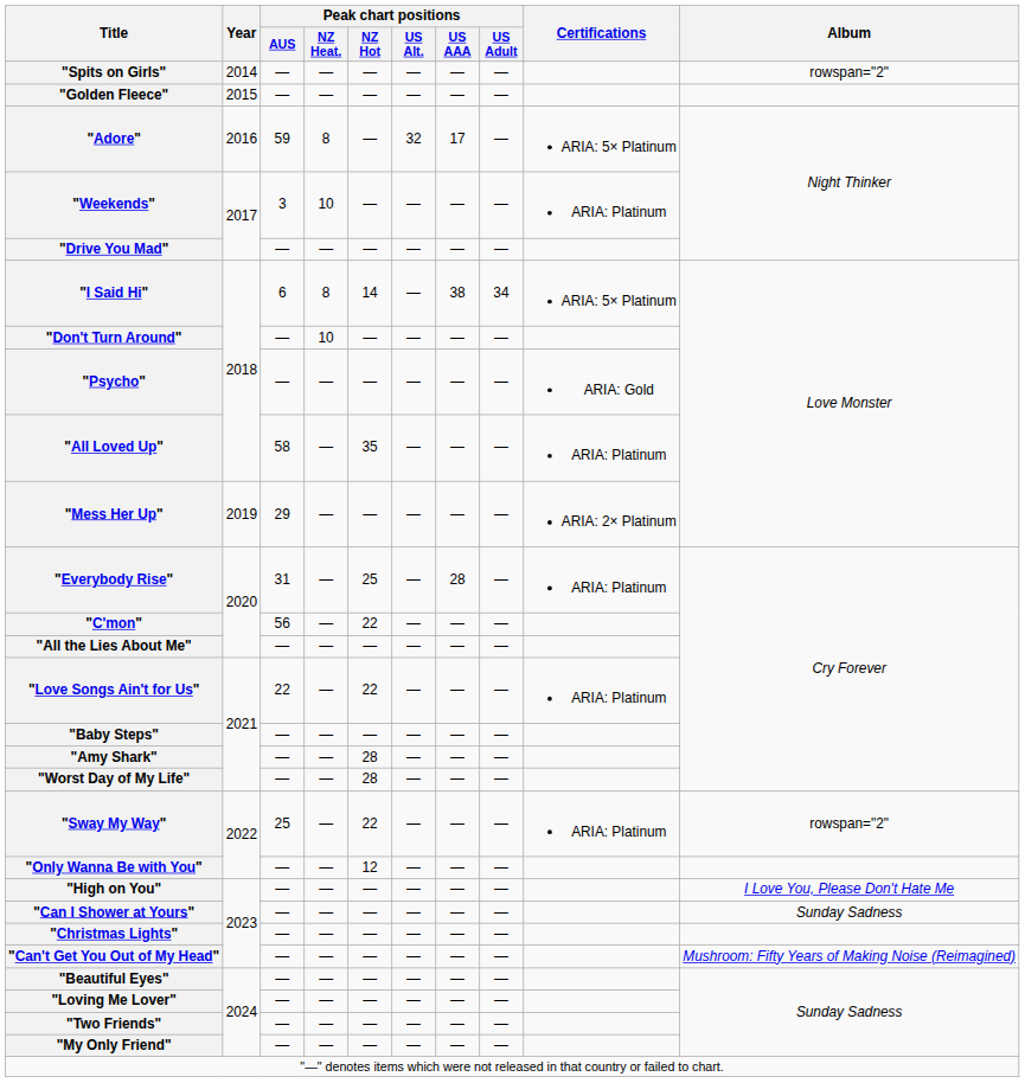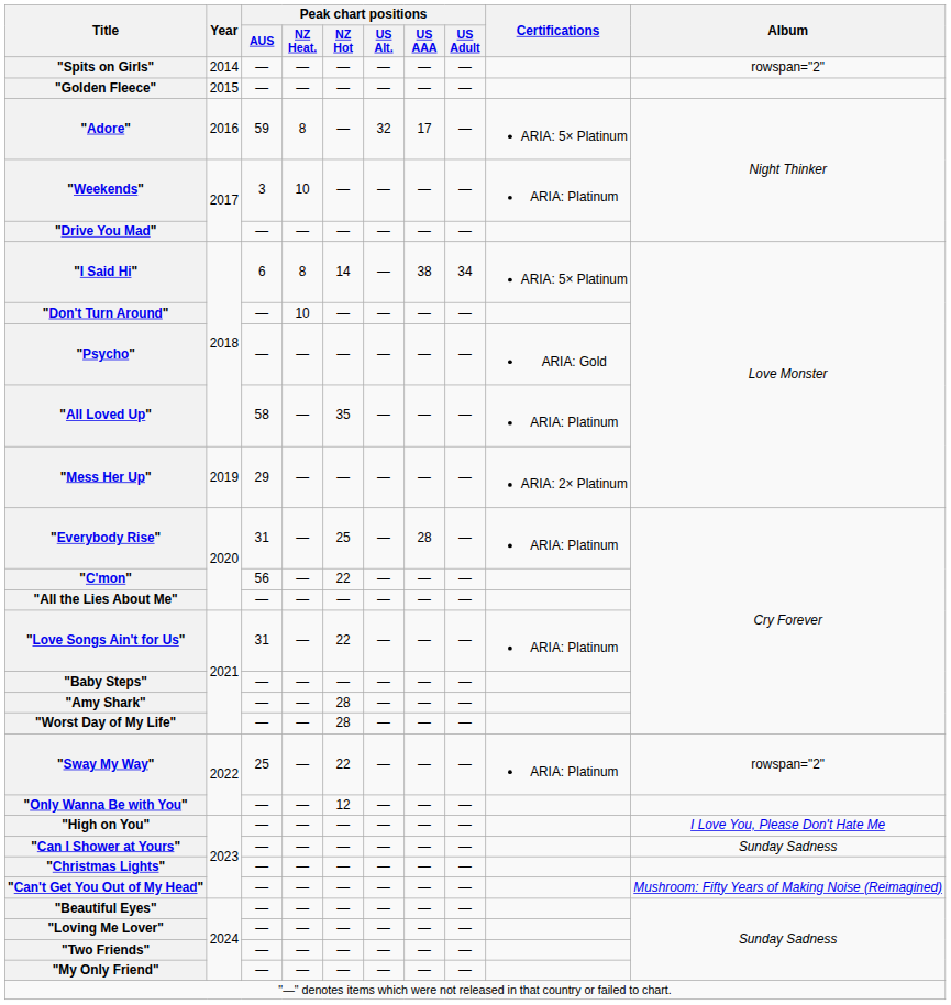 <table class="wikitable plainrowheaders" style="text-align:center;">
 <tr>
 <th scope="col" rowspan="2">Title</th>
 <th scope="col" rowspan="2">Year</th>
 <th scope="col" colspan="6">Peak chart positions</th>
 <th scope="col" rowspan="2"><a href='#'>Certifications</a></th>
 <th scope="col" rowspan="2">Album</th>
 </tr>
 <tr>
 <th scope="col" style="width:3em;font-size:90%;"><a href='#'>AUS</a><br></th>
 <th scope="col" style="width:3em;font-size:90%;"><a href='#'>NZ<br>Heat.</a><br></th>
 <th scope="col" style="width:3em;font-size:90%;"><a href='#'>NZ<br>Hot</a><br></th>
 <th scope="col" style="width:3em;font-size:90%;"><a href='#'>US<br>Alt.</a><br></th>
 <th scope="col" style="width:3em;font-size:90%;"><a href='#'>US<br>AAA</a><br></th>
 <th scope="col" style="width:3em;font-size:90%;"><a href='#'>US<br>Adult</a><br></th>
 </tr>
 <tr>
 <th scope="row">"Spits on Girls"</th>
 <td>2014</td>
 <td>—</td>
 <td>—</td>
 <td>—</td>
 <td>—</td>
 <td>—</td>
 <td>—</td>
 <td></td>
 <td>rowspan="2" </td>
 </tr>
 <tr>
 <th scope="row">"Golden Fleece" <br></th>
 <td>2015</td>
 <td>—</td>
 <td>—</td>
 <td>—</td>
 <td>—</td>
 <td>—</td>
 <td>—</td>
 <td></td>
 </tr>
 <tr>
 <th scope="row">"<a href='#'>Adore</a>"</th>
 <td>2016</td>
 <td>59</td>
 <td>8</td>
 <td>—</td>
 <td>32</td>
 <td>17</td>
 <td>—</td>
 <td><br><ul><li>ARIA: 5× Platinum</li></ul></td>
 <td rowspan="3"><em>Night Thinker</em></td>
 </tr>
 <tr>
 <th scope="row">"<a href='#'>Weekends</a>"</th>
 <td rowspan="2">2017</td>
 <td>3</td>
 <td>10</td>
 <td>—</td>
 <td>—</td>
 <td>—</td>
 <td>—</td>
 <td><br><ul><li>ARIA: Platinum</li></ul></td>
 </tr>
 <tr>
 <th scope="row">"<a href='#'>Drive You Mad</a>"</th>
 <td>—</td>
 <td>—</td>
 <td>—</td>
 <td>—</td>
 <td>—</td>
 <td>—</td>
 <td></td>
 </tr>
 <tr>
 <th scope="row">"<a href='#'>I Said Hi</a>"</th>
 <td rowspan="4">2018</td>
 <td>6</td>
 <td>8</td>
 <td>14</td>
 <td>—</td>
 <td>38</td>
 <td>34</td>
 <td><br><ul><li>ARIA: 5× Platinum</li></ul></td>
 <td rowspan="5"><em>Love Monster</em></td>
 </tr>
 <tr>
 <th scope="row">"<a href='#'>Don't Turn Around</a>"</th>
 <td>—</td>
 <td>10</td>
 <td>—</td>
 <td>—</td>
 <td>—</td>
 <td>—</td>
 <td></td>
 </tr>
 <tr>
 <th scope="row">"<a href='#'>Psycho</a>"<br></th>
 <td>—</td>
 <td>—</td>
 <td>—</td>
 <td>—</td>
 <td>—</td>
 <td>—</td>
 <td><br><ul><li>ARIA: Gold</li></ul></td>
 </tr>
 <tr>
 <th scope="row">"<a href='#'>All Loved Up</a>"</th>
 <td>58</td>
 <td>—</td>
 <td>35</td>
 <td>—</td>
 <td>—</td>
 <td>—</td>
 <td><br><ul><li>ARIA: Platinum</li></ul></td>
 </tr>
 <tr>
 <th scope="row">"<a href='#'>Mess Her Up</a>"</th>
 <td>2019</td>
 <td>29</td>
 <td>—</td>
 <td>—</td>
 <td>—</td>
 <td>—</td>
 <td>—</td>
 <td><br><ul><li>ARIA: 2× Platinum</li></ul></td>
 </tr>
 <tr>
 <th scope="row">"<a href='#'>Everybody Rise</a>"</th>
 <td rowspan="3">2020</td>
 <td>31</td>
 <td>—</td>
 <td>25</td>
 <td>—</td>
 <td>28</td>
 <td>—</td>
 <td><br><ul><li>ARIA: Platinum</li></ul></td>
 <td rowspan="7"><em>Cry Forever</em></td>
 </tr>
 <tr>
 <th scope="row">"<a href='#'>C'mon</a>"<br></th>
 <td>56</td>
 <td>—</td>
 <td>22</td>
 <td>—</td>
 <td>—</td>
 <td>—</td>
 <td></td>
 </tr>
 <tr>
 <th scope="row">"All the Lies About Me"</th>
 <td>—</td>
 <td>—</td>
 <td>—</td>
 <td>—</td>
 <td>—</td>
 <td>—</td>
 <td></td>
 </tr>
 <tr>
 <th scope="row">"<a href='#'>Love Songs Ain't for Us</a>"<br> </th>
 <td rowspan="4">2021</td>
-<td>22</td>
+<td>31</td>
 <td>—</td>
 <td>22</td>
 <td>—</td>
 <td>—</td>
 <td>—</td>
 <td><br><ul><li>ARIA: Platinum</li></ul></td>
 </tr>
 <tr>
 <th scope="row">"Baby Steps"</th>
 <td>—</td>
 <td>—</td>
 <td>—</td>
 <td>—</td>
 <td>—</td>
 <td>—</td>
 <td></td>
 </tr>
 <tr>
 <th scope="row">"Amy Shark"</th>
 <td>—</td>
 <td>—</td>
 <td>28</td>
 <td>—</td>
 <td>—</td>
 <td>—</td>
 <td></td>
 </tr>
 <tr>
 <th scope="row">"Worst Day of My Life"</th>
 <td>—</td>
 <td>—</td>
 <td>28</td>
 <td>—</td>
 <td>—</td>
 <td>—</td>
 <td></td>
 </tr>
 <tr>
 <th scope="row">"<a href='#'>Sway My Way</a>" <br></th>
 <td rowspan="2">2022</td>
 <td>25</td>
 <td>—</td>
 <td>22</td>
 <td>—</td>
 <td>—</td>
 <td>—</td>
 <td><br><ul><li>ARIA: Platinum</li></ul></td>
 <td>rowspan="2" </td>
 </tr>
 <tr>
 <th scope="row">"<a href='#'>Only Wanna Be with You</a>"</th>
 <td>—</td>
 <td>—</td>
 <td>12</td>
 <td>—</td>
 <td>—</td>
 <td>—</td>
 <td></td>
 </tr>
 <tr>
 <th scope="row">"High on You"<br></th>
 <td rowspan="4">2023</td>
 <td>—</td>
 <td>—</td>
 <td>—</td>
 <td>—</td>
 <td>—</td>
 <td>—</td>
 <td></td>
 <td><em><a href='#'>I Love You, Please Don't Hate Me</a></em></td>
 </tr>
 <tr>
 <th scope="row">"<a href='#'>Can I Shower at Yours</a>"</th>
 <td>—</td>
 <td>—</td>
 <td>—</td>
 <td>—</td>
 <td>—</td>
 <td>—</td>
 <td></td>
 <td><em>Sunday Sadness</em></td>
 </tr>
 <tr>
 <th scope="row">"<a href='#'>Christmas Lights</a>"</th>
 <td>—</td>
 <td>—</td>
 <td>—</td>
 <td>—</td>
 <td>—</td>
 <td>—</td>
 <td></td>
 <td></td>
 </tr>
 <tr>
 <th scope="row">"<a href='#'>Can't Get You Out of My Head</a>"</th>
 <td>—</td>
 <td>—</td>
 <td>—</td>
 <td>—</td>
 <td>—</td>
 <td>—</td>
 <td></td>
 <td><em><a href='#'>Mushroom: Fifty Years of Making Noise (Reimagined)</a></em></td>
 </tr>
 <tr>
 <th scope="row">"Beautiful Eyes"</th>
 <td rowspan="4">2024</td>
 <td>—</td>
 <td>—</td>
 <td>—</td>
 <td>—</td>
 <td>—</td>
 <td>—</td>
 <td></td>
 <td rowspan="4"><em>Sunday Sadness</em></td>
 </tr>
 <tr>
 <th scope="row">"Loving Me Lover"</th>
 <td>—</td>
 <td>—</td>
 <td>—</td>
 <td>—</td>
 <td>—</td>
 <td>—</td>
 <td></td>
 </tr>
 <tr>
 <th scope="row">"Two Friends"</th>
 <td>—</td>
 <td>—</td>
 <td>—</td>
 <td>—</td>
 <td>—</td>
 <td>—</td>
 <td></td>
 </tr>
 <tr>
 <th scope="row">"My Only Friend"<br></th>
 <td>—</td>
 <td>—</td>
 <td>—</td>
 <td>—</td>
 <td>—</td>
 <td>—</td>
 <td></td>
 </tr>
 <tr>
 <td colspan="12" style="font-size:90%">"—" denotes items which were not released in that country or failed to chart.</td>
 </tr>
 </table>
